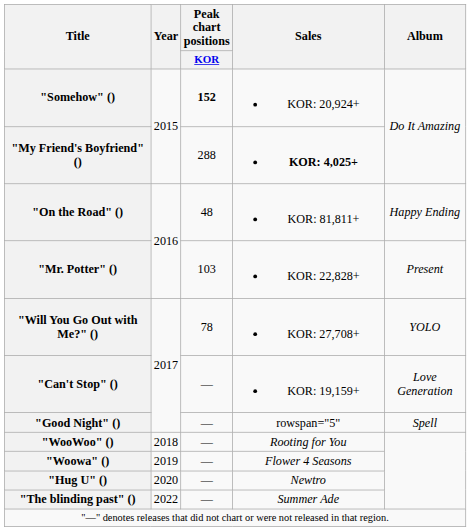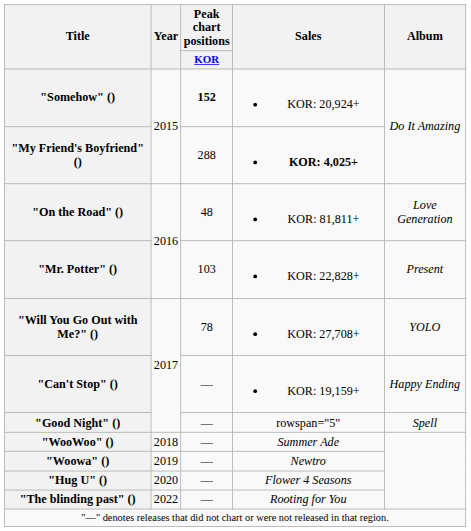 <table class="wikitable plainrowheaders" style="text-align:center;">
 <tr>
 <th scope="col" rowspan="2">Title</th>
 <th scope="col" rowspan="2">Year</th>
 <th scope="col">Peak chart positions</th>
 <th scope="col" rowspan="2" style="width:12em;">Sales<br></th>
 <th scope="col" rowspan="2">Album</th>
 </tr>
 <tr>
 <th scope="col" style="width:3.5em;font-size:90%;"><a href='#'>KOR</a><br></th>
 </tr>
 <tr>
 <th scope="row">"Somehow" ()</th>
 <td rowspan="2">2015</td>
 <td><strong>152</strong></td>
 <td><br><ul><li>KOR: 20,924+</li></ul></td>
 <td rowspan="2"><em>Do It Amazing</em></td>
 </tr>
 <tr>
 <th scope="row">"My Friend's Boyfriend" ()</th>
 <td>288</td>
 <td><strong><br><ul><li>KOR: 4,025+</li></ul></strong></td>
 </tr>
 <tr>
 <th scope="row">"On the Road" ()</th>
 <td rowspan="2">2016</td>
 <td>48</td>
 <td><br><ul><li>KOR: 81,811+</li></ul></td>
-<td><em>Happy Ending</em></td>
+<td><em>Love Generation</em></td>
 </tr>
 <tr>
 <th scope="row">"Mr. Potter" ()</th>
 <td>103</td>
 <td><br><ul><li>KOR: 22,828+</li></ul></td>
 <td><em>Present</em></td>
 </tr>
 <tr>
 <th scope="row">"Will You Go Out with Me?" ()</th>
 <td rowspan="3">2017</td>
 <td>78</td>
 <td><br><ul><li>KOR: 27,708+</li></ul></td>
 <td><em>YOLO</em></td>
 </tr>
 <tr>
 <th scope="row">"Can't Stop" ()</th>
 <td>—</td>
 <td><br><ul><li>KOR: 19,159+</li></ul></td>
-<td><em>Love Generation</em></td>
+<td><em>Happy Ending</em></td>
 </tr>
 <tr>
 <th scope="row">"Good Night" ()</th>
 <td>—</td>
 <td>rowspan="5" </td>
 <td><em>Spell</em></td>
 </tr>
 <tr>
 <th scope="row">"WooWoo" ()</th>
 <td>2018</td>
 <td>—</td>
-<td><em>Rooting for You</em></td>
+<td><em>Summer Ade</em></td>
 </tr>
 <tr>
 <th scope="row">"Woowa" ()</th>
 <td>2019</td>
 <td>—</td>
-<td><em>Flower 4 Seasons</em></td>
+<td><em>Newtro</em></td>
 </tr>
 <tr>
 <th scope="row">"Hug U" ()</th>
 <td>2020</td>
 <td>—</td>
-<td><em>Newtro</em></td>
+<td><em>Flower 4 Seasons</em></td>
 </tr>
 <tr>
 <th scope="row">"The blinding past" ()</th>
 <td>2022</td>
 <td>—</td>
-<td><em>Summer Ade</em></td>
+<td><em>Rooting for You</em></td>
 </tr>
 <tr>
 <td colspan="5" style="font-size:85%">"—" denotes releases that did not chart or were not released in that region.</td>
 </tr>
 </table>
